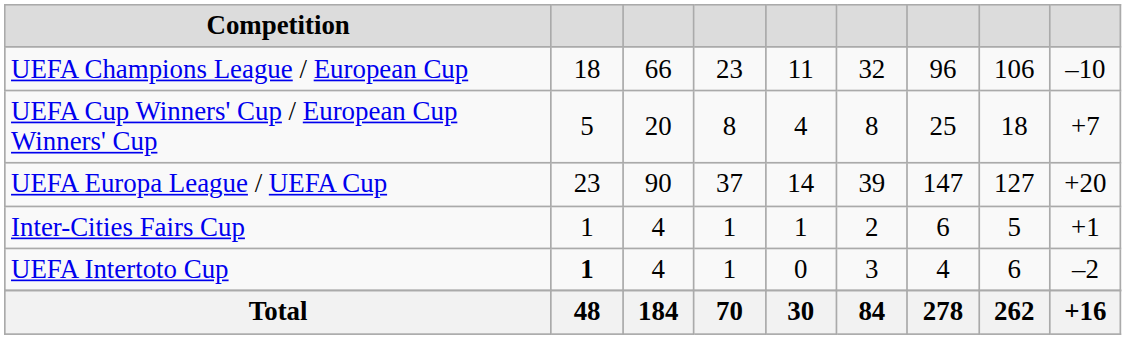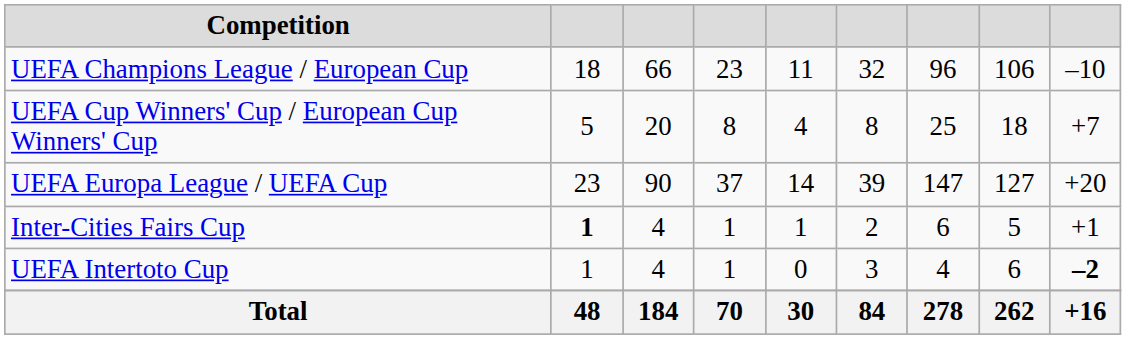 <table class="wikitable" style="text-align: center;">
 <tr>
 <th width="318" style="background:#DCDCDC">Competition</th>
 <th width="35" style="background:#DCDCDC"></th>
 <th width="35" style="background:#DCDCDC"></th>
 <th width="35" style="background:#DCDCDC"></th>
 <th width="35" style="background:#DCDCDC"></th>
 <th width="35" style="background:#DCDCDC"></th>
 <th width="35" style="background:#DCDCDC"></th>
 <th width="35" style="background:#DCDCDC"></th>
 <th width="35" style="background:#DCDCDC"></th>
 </tr>
 <tr>
 <td align=left><a href='#'>UEFA Champions League</a> / <a href='#'>European Cup</a></td>
 <td>18</td>
 <td>66</td>
 <td>23</td>
 <td>11</td>
 <td>32</td>
 <td>96</td>
 <td>106</td>
 <td>–10</td>
 </tr>
 <tr>
 <td align=left><a href='#'>UEFA Cup Winners' Cup</a> / <a href='#'>European Cup Winners' Cup</a></td>
 <td>5</td>
 <td>20</td>
 <td>8</td>
 <td>4</td>
 <td>8</td>
 <td>25</td>
 <td>18</td>
 <td>+7</td>
 </tr>
 <tr>
 <td align=left><a href='#'>UEFA Europa League</a> / <a href='#'>UEFA Cup</a></td>
 <td>23</td>
 <td>90</td>
 <td>37</td>
 <td>14</td>
 <td>39</td>
 <td>147</td>
 <td>127</td>
 <td>+20</td>
 </tr>
 <tr>
 <td align=left><a href='#'>Inter-Cities Fairs Cup</a></td>
-<td>1</td>
+<td><strong>1</strong></td>
 <td>4</td>
 <td>1</td>
 <td>1</td>
 <td>2</td>
 <td>6</td>
 <td>5</td>
 <td>+1</td>
 </tr>
 <tr>
 <td align=left><a href='#'>UEFA Intertoto Cup</a></td>
-<td><strong>1</strong></td>
+<td>1</td>
 <td>4</td>
 <td>1</td>
 <td>0</td>
 <td>3</td>
 <td>4</td>
 <td>6</td>
-<td>–2</td>
+<td><strong>–2</strong></td>
 </tr>
 <tr>
 </tr>
 <tr class="sortbottom">
 <th>Total</th>
 <th>48</th>
 <th>184</th>
 <th>70</th>
 <th>30</th>
 <th>84</th>
 <th>278</th>
 <th>262</th>
 <th>+16</th>
 </tr>
 </table>
